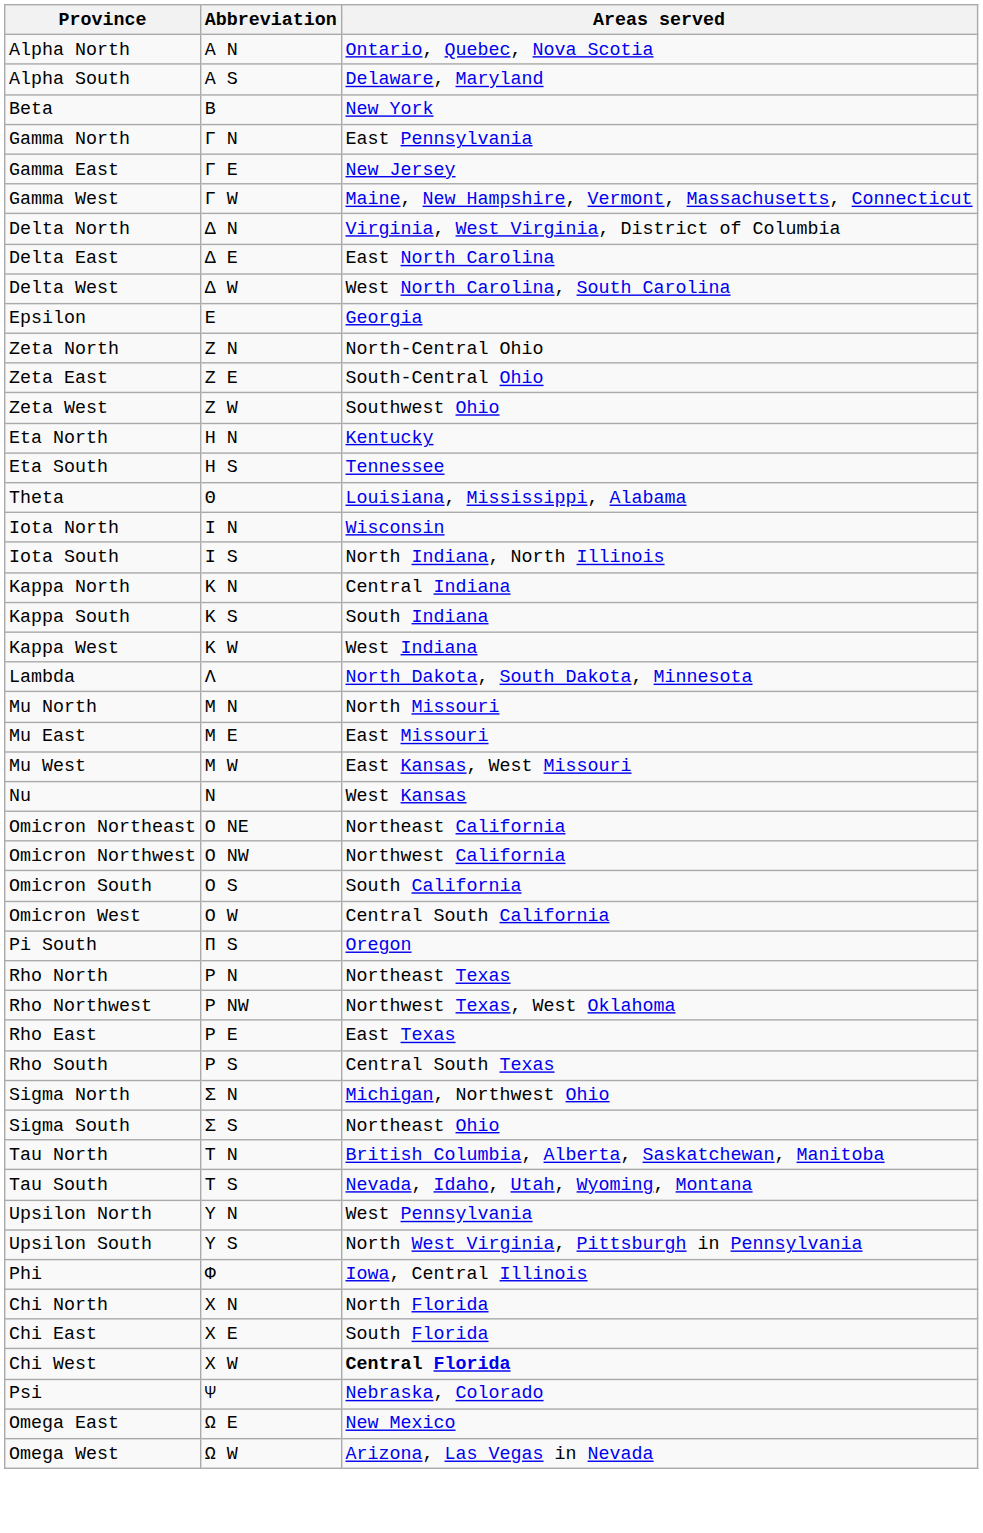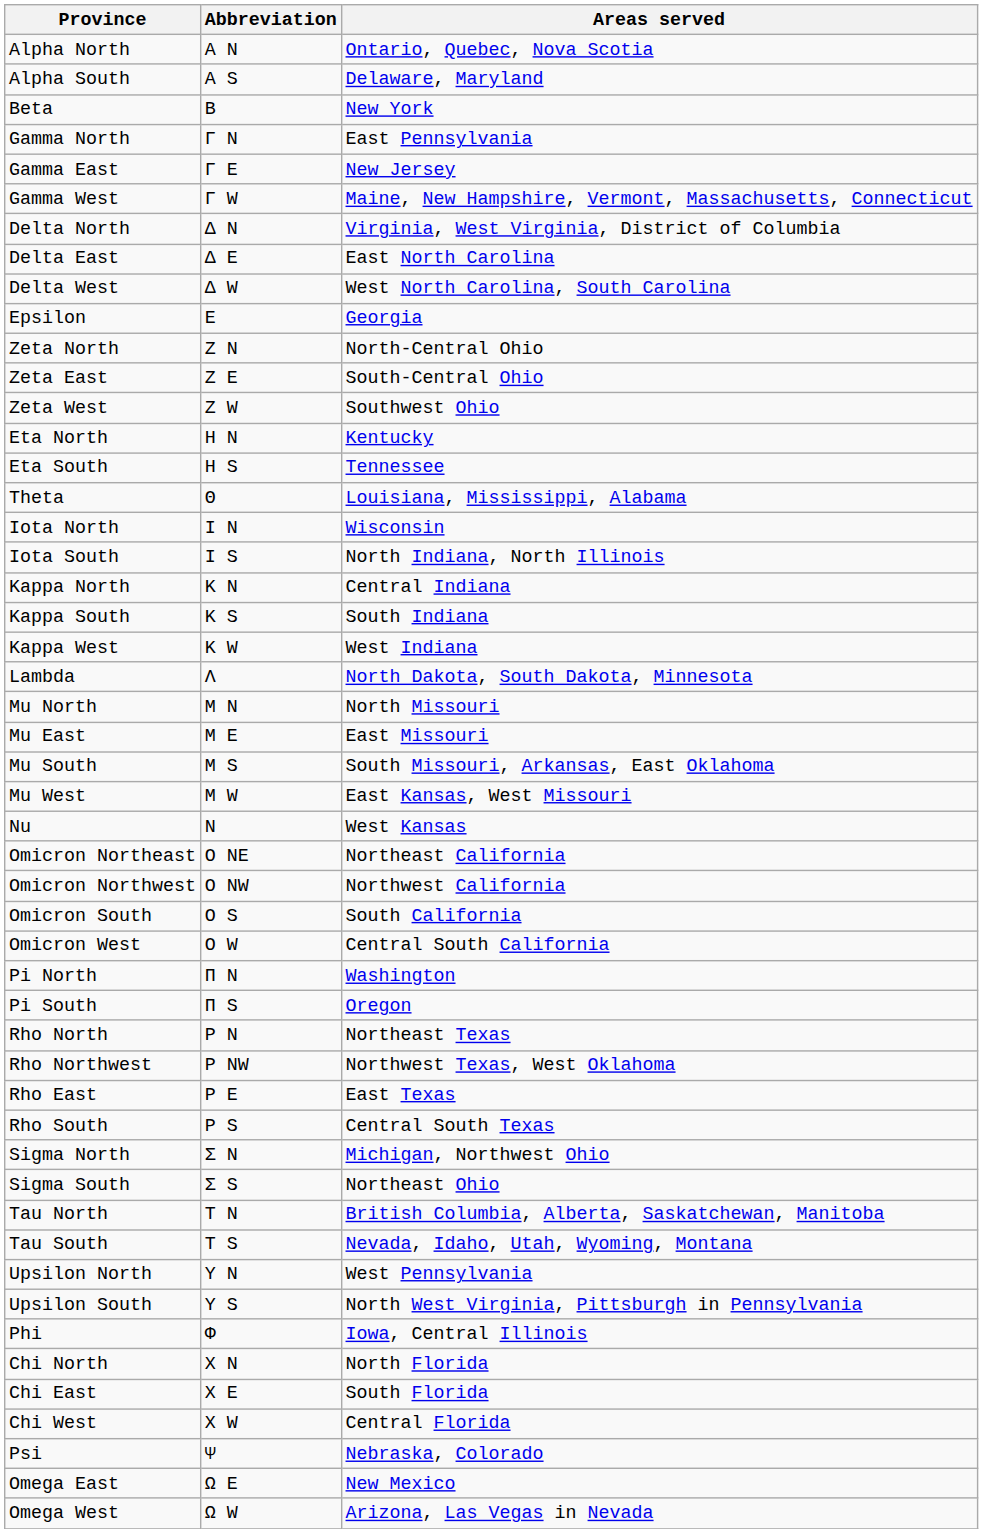 <table class="wikitable sortable">
 <tr>
 <th>Province</th>
 <th>Abbreviation</th>
 <th>Areas served</th>
 </tr>
 <tr>
 <td>Alpha North</td>
 <td>Α N</td>
 <td><a href='#'>Ontario</a>, <a href='#'>Quebec</a>, <a href='#'>Nova Scotia</a></td>
 </tr>
 <tr>
 <td>Alpha South</td>
 <td>Α S</td>
 <td><a href='#'>Delaware</a>, <a href='#'>Maryland</a></td>
 </tr>
 <tr>
 <td>Beta</td>
 <td>Β</td>
 <td><a href='#'>New York</a></td>
 </tr>
 <tr>
 <td>Gamma North</td>
 <td>Γ N</td>
 <td>East <a href='#'>Pennsylvania</a></td>
 </tr>
 <tr>
 <td>Gamma East</td>
 <td>Γ E</td>
 <td><a href='#'>New Jersey</a></td>
 </tr>
 <tr>
 <td>Gamma West</td>
 <td>Γ W</td>
 <td><a href='#'>Maine</a>, <a href='#'>New Hampshire</a>, <a href='#'>Vermont</a>, <a href='#'>Massachusetts</a>, <a href='#'>Connecticut</a></td>
 </tr>
 <tr>
 <td>Delta North</td>
 <td>Δ N</td>
 <td><a href='#'>Virginia</a>, <a href='#'>West Virginia</a>, District of Columbia</td>
 </tr>
 <tr>
 <td>Delta East</td>
 <td>Δ E</td>
 <td>East <a href='#'>North Carolina</a></td>
 </tr>
 <tr>
 <td>Delta West</td>
 <td>Δ W</td>
 <td>West <a href='#'>North Carolina</a>, <a href='#'>South Carolina</a></td>
 </tr>
 <tr>
 <td>Epsilon</td>
 <td>Ε</td>
 <td><a href='#'>Georgia</a></td>
 </tr>
 <tr>
 <td>Zeta North</td>
 <td>Z N</td>
 <td>North-Central Ohio</td>
 </tr>
 <tr>
 <td>Zeta East</td>
 <td>Ζ E</td>
 <td>South-Central <a href='#'>Ohio</a></td>
 </tr>
 <tr>
 <td>Zeta West</td>
 <td>Ζ W</td>
 <td>Southwest <a href='#'>Ohio</a></td>
 </tr>
 <tr>
 <td>Eta North</td>
 <td>Η N</td>
 <td><a href='#'>Kentucky</a></td>
 </tr>
 <tr>
 <td>Eta South</td>
 <td>Η S</td>
 <td><a href='#'>Tennessee</a></td>
 </tr>
 <tr>
 <td>Theta</td>
 <td>Θ</td>
 <td><a href='#'>Louisiana</a>, <a href='#'>Mississippi</a>, <a href='#'>Alabama</a></td>
 </tr>
 <tr>
 <td>Iota North</td>
 <td>Ι N</td>
 <td><a href='#'>Wisconsin</a></td>
 </tr>
 <tr>
 <td>Iota South</td>
 <td>Ι S</td>
 <td>North <a href='#'>Indiana</a>, North <a href='#'>Illinois</a></td>
 </tr>
 <tr>
 <td>Kappa North</td>
 <td>Κ N</td>
 <td>Central <a href='#'>Indiana</a></td>
 </tr>
 <tr>
 <td>Kappa South</td>
 <td>Κ S</td>
 <td>South <a href='#'>Indiana</a></td>
 </tr>
 <tr>
 <td>Kappa West</td>
 <td>Κ W</td>
 <td>West <a href='#'>Indiana</a></td>
 </tr>
 <tr>
 <td>Lambda</td>
 <td>Λ</td>
 <td><a href='#'>North Dakota</a>, <a href='#'>South Dakota</a>, <a href='#'>Minnesota</a></td>
 </tr>
 <tr>
 <td>Mu North</td>
 <td>Μ N</td>
 <td>North <a href='#'>Missouri</a></td>
 </tr>
 <tr>
 <td>Mu East</td>
 <td>Μ E</td>
 <td>East <a href='#'>Missouri</a></td>
 </tr>
 <tr>
+<td>Mu South</td>
+<td>Μ S</td>
+<td>South <a href='#'>Missouri</a>, <a href='#'>Arkansas</a>, East <a href='#'>Oklahoma</a></td>
+</tr>
+<tr>
 <td>Mu West</td>
 <td>Μ W</td>
 <td>East <a href='#'>Kansas</a>, West <a href='#'>Missouri</a></td>
 </tr>
 <tr>
 <td>Nu</td>
 <td>Ν</td>
 <td>West <a href='#'>Kansas</a><br> </td>
 </tr>
 <tr>
 <td>Omicron Northeast</td>
 <td>Ο NE</td>
 <td>Northeast <a href='#'>California</a></td>
 </tr>
 <tr>
 <td>Omicron Northwest</td>
 <td>Ο NW</td>
 <td>Northwest <a href='#'>California</a></td>
 </tr>
 <tr>
 <td>Omicron South</td>
 <td>Ο S</td>
 <td>South <a href='#'>California</a></td>
 </tr>
 <tr>
 <td>Omicron West</td>
 <td>Ο W</td>
 <td>Central South <a href='#'>California</a></td>
+</tr>
+<tr>
+<td>Pi North</td>
+<td>Π N</td>
+<td><a href='#'>Washington</a></td>
 </tr>
 <tr>
 <td>Pi South</td>
 <td>Π S</td>
 <td><a href='#'>Oregon</a></td>
 </tr>
 <tr>
 <td>Rho North</td>
 <td>Ρ N</td>
 <td>Northeast <a href='#'>Texas</a></td>
 </tr>
 <tr>
 <td>Rho Northwest</td>
 <td>Ρ NW</td>
 <td>Northwest <a href='#'>Texas</a>, West <a href='#'>Oklahoma</a></td>
 </tr>
 <tr>
 <td>Rho East</td>
 <td>Ρ E</td>
 <td>East <a href='#'>Texas</a></td>
 </tr>
 <tr>
 <td>Rho South</td>
 <td>Ρ S</td>
 <td>Central South <a href='#'>Texas</a></td>
 </tr>
 <tr>
 <td>Sigma North</td>
 <td>Σ N</td>
 <td><a href='#'>Michigan</a>, Northwest <a href='#'>Ohio</a></td>
 </tr>
 <tr>
 <td>Sigma South</td>
 <td>Σ S</td>
 <td>Northeast <a href='#'>Ohio</a></td>
 </tr>
 <tr>
 <td>Tau North</td>
 <td>Τ N</td>
 <td><a href='#'>British Columbia</a>, <a href='#'>Alberta</a>, <a href='#'>Saskatchewan</a>, <a href='#'>Manitoba</a></td>
 </tr>
 <tr>
 <td>Tau South</td>
 <td>Τ S</td>
 <td><a href='#'>Nevada</a>, <a href='#'>Idaho</a>, <a href='#'>Utah</a>, <a href='#'>Wyoming</a>, <a href='#'>Montana</a></td>
 </tr>
 <tr>
 <td>Upsilon North</td>
 <td>Υ N</td>
 <td>West <a href='#'>Pennsylvania</a></td>
 </tr>
 <tr>
 <td>Upsilon South</td>
 <td>Υ S</td>
 <td>North <a href='#'>West Virginia</a>, <a href='#'>Pittsburgh</a> in <a href='#'>Pennsylvania</a></td>
 </tr>
 <tr>
 <td>Phi</td>
 <td>Φ</td>
 <td><a href='#'>Iowa</a>, Central <a href='#'>Illinois</a></td>
 </tr>
 <tr>
 <td>Chi North</td>
 <td>Χ N</td>
 <td>North <a href='#'>Florida</a></td>
 </tr>
 <tr>
 <td>Chi East</td>
 <td>Χ E</td>
 <td>South <a href='#'>Florida</a></td>
 </tr>
 <tr>
 <td>Chi West</td>
 <td>Χ W</td>
-<td><strong>Central <a href='#'>Florida</a></strong></td>
+<td>Central <a href='#'>Florida</a></td>
 </tr>
 <tr>
 <td>Psi</td>
 <td>Ψ</td>
 <td><a href='#'>Nebraska</a>, <a href='#'>Colorado</a></td>
 </tr>
 <tr>
 <td>Omega East</td>
 <td>Ω E</td>
 <td><a href='#'>New Mexico</a></td>
 </tr>
 <tr>
 <td>Omega West</td>
 <td>Ω W</td>
 <td><a href='#'>Arizona</a>, <a href='#'>Las Vegas</a> in <a href='#'>Nevada</a></td>
 </tr>
 </table>
